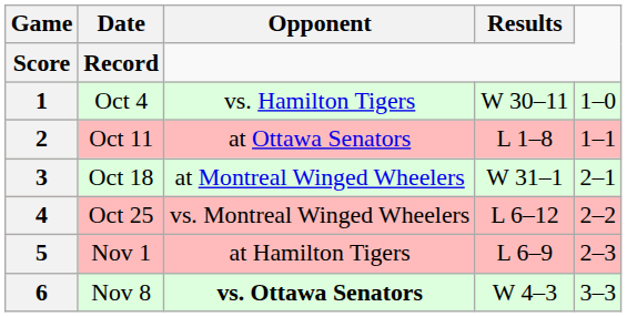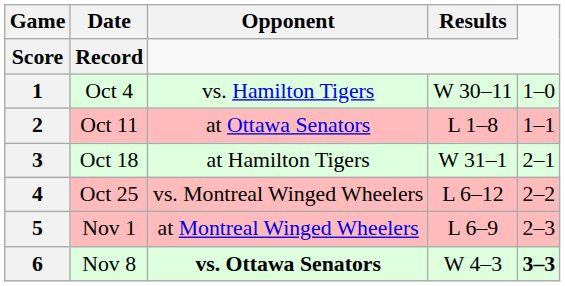 <table class="wikitable" style="text-align:center">
 <tr>
 <th>Game</th>
 <th>Date</th>
 <th>Opponent</th>
 <th>Results</th>
 </tr>
 <tr>
 <th>Score</th>
 <th>Record</th>
 </tr>
 <tr style="background:#ddffdd">
 <th>1</th>
 <td>Oct 4</td>
 <td>vs. <a href='#'>Hamilton Tigers</a></td>
 <td>W 30–11</td>
 <td>1–0</td>
 </tr>
 <tr style="background:#ffbbbb">
 <th>2</th>
 <td>Oct 11</td>
 <td>at <a href='#'>Ottawa Senators</a></td>
 <td>L 1–8</td>
 <td>1–1</td>
 </tr>
 <tr style="background:#ddffdd">
 <th>3</th>
 <td>Oct 18</td>
-<td>at <a href='#'>Montreal Winged Wheelers</a></td>
+<td>at Hamilton Tigers</td>
 <td>W 31–1</td>
 <td>2–1</td>
 </tr>
 <tr style="background:#ffbbbb">
 <th>4</th>
 <td>Oct 25</td>
 <td>vs. Montreal Winged Wheelers</td>
 <td>L 6–12</td>
 <td>2–2</td>
 </tr>
 <tr style="background:#ffbbbb">
 <th>5</th>
 <td>Nov 1</td>
-<td>at Hamilton Tigers</td>
+<td>at <a href='#'>Montreal Winged Wheelers</a></td>
 <td>L 6–9</td>
 <td>2–3</td>
 </tr>
 <tr style="background:#ddffdd">
 <th>6</th>
 <td>Nov 8</td>
 <td><strong>vs. Ottawa Senators</strong></td>
 <td>W 4–3</td>
-<td>3–3</td>
+<td><strong>3–3</strong></td>
 </tr>
 </table>
